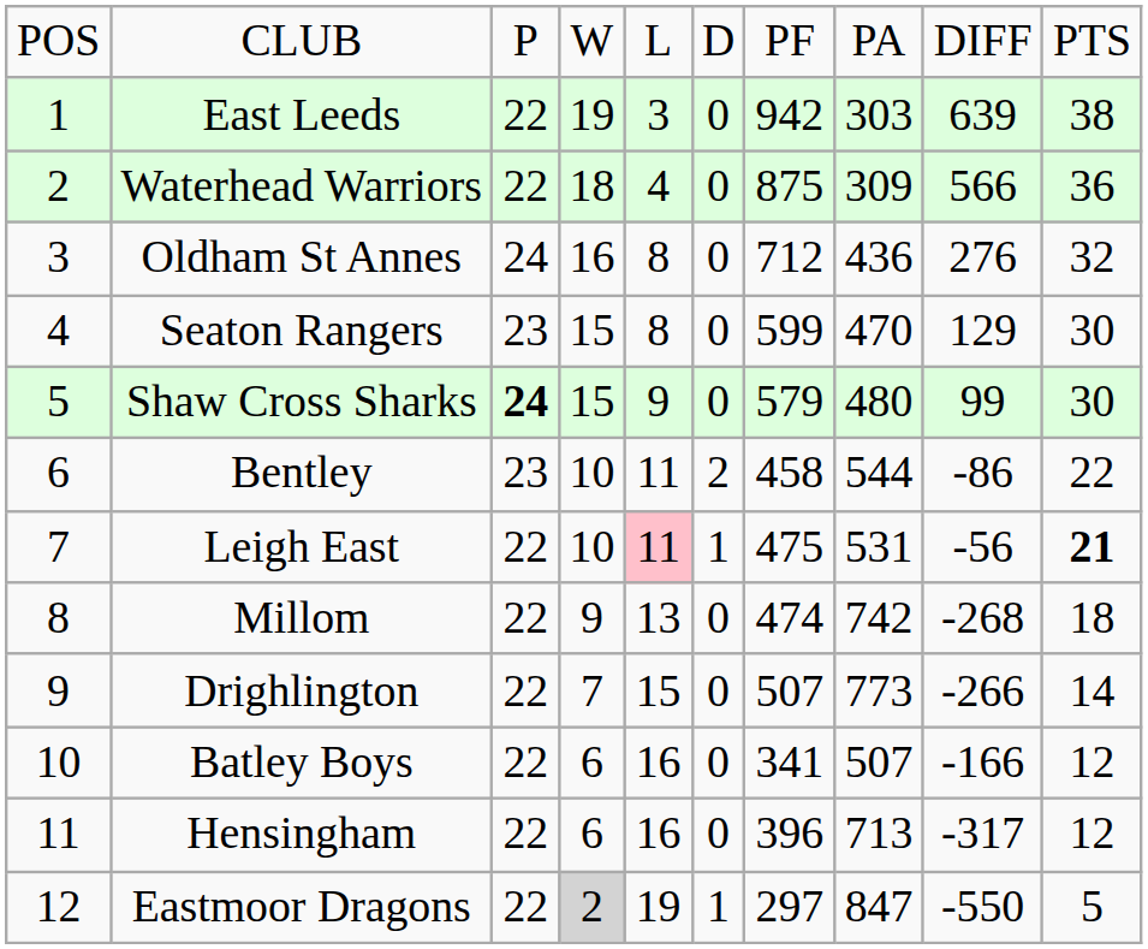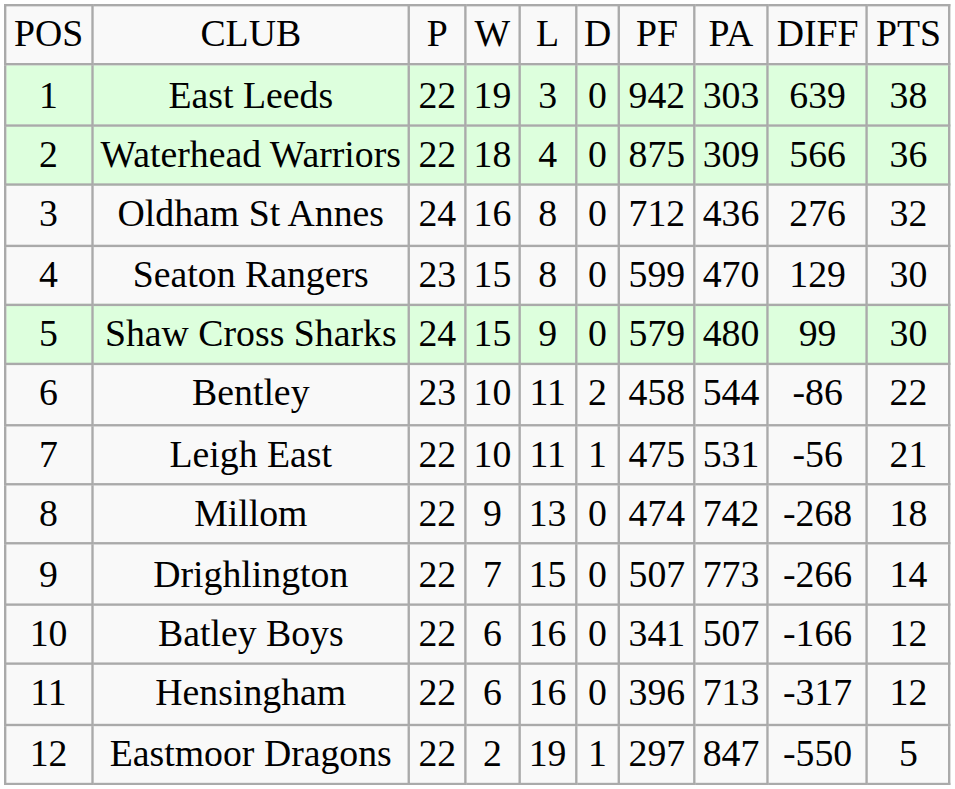 <table class="wikitable" style="text-align: center;">
 <tr>
 <td>POS</td>
 <td>CLUB</td>
 <td>P</td>
 <td>W</td>
 <td>L</td>
 <td>D</td>
 <td>PF</td>
 <td>PA</td>
 <td>DIFF</td>
 <td>PTS</td>
 </tr>
 <tr style="background:#ddffdd;">
 <td>1</td>
 <td>East Leeds</td>
 <td>22</td>
 <td>19</td>
 <td>3</td>
 <td>0</td>
 <td>942</td>
 <td>303</td>
 <td>639</td>
 <td>38</td>
 </tr>
 <tr style="background:#ddffdd;">
 <td>2</td>
 <td>Waterhead Warriors</td>
 <td>22</td>
 <td>18</td>
 <td>4</td>
 <td>0</td>
 <td>875</td>
 <td>309</td>
 <td>566</td>
 <td>36</td>
 </tr>
 <tr>
 <td>3</td>
 <td>Oldham St Annes</td>
 <td>24</td>
 <td>16</td>
 <td>8</td>
 <td>0</td>
 <td>712</td>
 <td>436</td>
 <td>276</td>
 <td>32</td>
 </tr>
 <tr>
 <td>4</td>
 <td>Seaton Rangers</td>
 <td>23</td>
 <td>15</td>
 <td>8</td>
 <td>0</td>
 <td>599</td>
 <td>470</td>
 <td>129</td>
 <td>30</td>
 </tr>
 <tr style="background:#ddffdd;">
 <td>5</td>
 <td>Shaw Cross Sharks</td>
-<td><strong>24</strong></td>
+<td>24</td>
 <td>15</td>
 <td>9</td>
 <td>0</td>
 <td>579</td>
 <td>480</td>
 <td>99</td>
 <td>30</td>
 </tr>
 <tr>
 <td>6</td>
 <td>Bentley</td>
 <td>23</td>
 <td>10</td>
 <td>11</td>
 <td>2</td>
 <td>458</td>
 <td>544</td>
 <td>-86</td>
 <td>22</td>
 </tr>
 <tr>
 <td>7</td>
 <td>Leigh East</td>
 <td>22</td>
 <td>10</td>
-<td style="background: pink;">11</td>
+<td>11</td>
 <td>1</td>
 <td>475</td>
 <td>531</td>
 <td>-56</td>
-<td><strong>21</strong></td>
+<td>21</td>
 </tr>
 <tr>
 <td>8</td>
 <td>Millom</td>
 <td>22</td>
 <td>9</td>
 <td>13</td>
 <td>0</td>
 <td>474</td>
 <td>742</td>
 <td>-268</td>
 <td>18</td>
 </tr>
 <tr>
 <td>9</td>
 <td>Drighlington</td>
 <td>22</td>
 <td>7</td>
 <td>15</td>
 <td>0</td>
 <td>507</td>
 <td>773</td>
 <td>-266</td>
 <td>14</td>
 </tr>
 <tr>
 <td>10</td>
 <td>Batley Boys</td>
 <td>22</td>
 <td>6</td>
 <td>16</td>
 <td>0</td>
 <td>341</td>
 <td>507</td>
 <td>-166</td>
 <td>12</td>
 </tr>
 <tr>
 <td>11</td>
 <td>Hensingham</td>
 <td>22</td>
 <td>6</td>
 <td>16</td>
 <td>0</td>
 <td>396</td>
 <td>713</td>
 <td>-317</td>
 <td>12</td>
 </tr>
 <tr>
 <td>12</td>
 <td>Eastmoor Dragons</td>
 <td>22</td>
-<td style="background: lightgrey;">2</td>
+<td>2</td>
 <td>19</td>
 <td>1</td>
 <td>297</td>
 <td>847</td>
 <td>-550</td>
 <td>5</td>
 </tr>
 </table>
